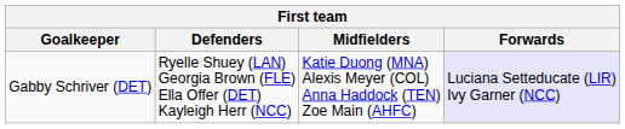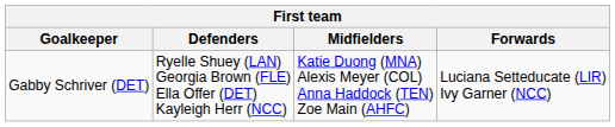 <table class="wikitable">
 <tr>
 <th colspan="4">First team</th>
 </tr>
 <tr>
 <th>Goalkeeper</th>
 <th>Defenders</th>
 <th>Midfielders</th>
 <th>Forwards</th>
 </tr>
 <tr>
 <td> Gabby Schriver (<a href='#'>DET</a>)</td>
 <td> Ryelle Shuey (<a href='#'>LAN</a>)<br> Georgia Brown (<a href='#'>FLE</a>)<br> Ella Offer (<a href='#'>DET</a>)<br> Kayleigh Herr (<a href='#'>NCC</a>)</td>
 <td> <a href='#'>Katie Duong</a> (<a href='#'>MNA</a>)<br> Alexis Meyer (COL)<br> <a href='#'>Anna Haddock</a> (<a href='#'>TEN</a>)<br> Zoe Main (<a href='#'>AHFC</a>)</td>
-<td style="background: lavender;"> Luciana Setteducate (<a href='#'>LIR</a>)<br> Ivy Garner (<a href='#'>NCC</a>)</td>
+<td> Luciana Setteducate (<a href='#'>LIR</a>)<br> Ivy Garner (<a href='#'>NCC</a>)</td>
 </tr>
 </table>
